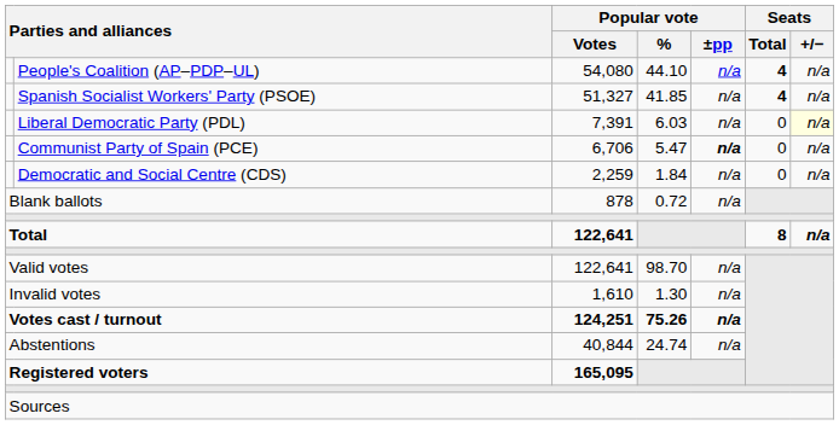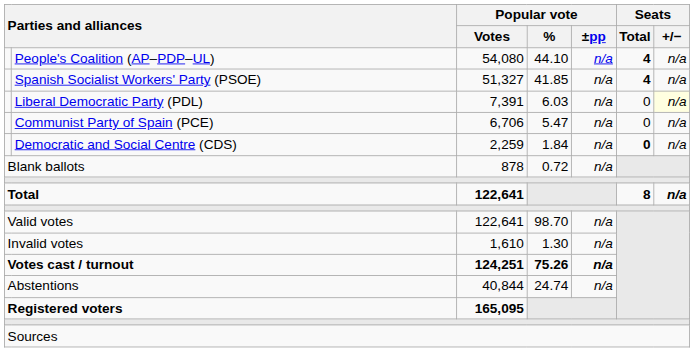 <table class="wikitable" style="text-align:right;">
 <tr>
 <th style="text-align:left;" rowspan="2" colspan="2" width="525">Parties and alliances</th>
 <th colspan="3">Popular vote</th>
 <th colspan="2">Seats</th>
 </tr>
 <tr>
 <th width="75">Votes</th>
 <th width="45">%</th>
 <th width="45">±<a href='#'>pp</a></th>
 <th width="35">Total</th>
 <th width="35">+/−</th>
 </tr>
 <tr>
 <td width="1" style="color:inherit;background:"></td>
 <td align="left"><a href='#'>People's Coalition</a> (<a href='#'>AP</a>–<a href='#'>PDP</a>–<a href='#'>UL</a>)</td>
 <td>54,080</td>
 <td>44.10</td>
 <td><em><a href='#'>n/a</a></em></td>
 <td><strong>4</strong></td>
 <td><em>n/a</em></td>
 </tr>
 <tr>
 <td style="color:inherit;background:"></td>
 <td align="left"><a href='#'>Spanish Socialist Workers' Party</a> (PSOE)</td>
 <td>51,327</td>
 <td>41.85</td>
 <td><em>n/a</em></td>
 <td><strong>4</strong></td>
 <td><em>n/a</em></td>
 </tr>
 <tr>
 <td style="color:inherit;background:"></td>
 <td align="left"><a href='#'>Liberal Democratic Party</a> (PDL)</td>
 <td>7,391</td>
 <td>6.03</td>
 <td><em>n/a</em></td>
 <td>0</td>
 <td style="background: lightyellow;"><em>n/a</em></td>
 </tr>
 <tr>
 <td style="color:inherit;background:"></td>
 <td align="left"><a href='#'>Communist Party of Spain</a> (PCE)</td>
 <td>6,706</td>
 <td>5.47</td>
-<td><strong><em>n/a</em></strong></td>
+<td><em>n/a</em></td>
 <td>0</td>
 <td><em>n/a</em></td>
 </tr>
 <tr>
 <td style="color:inherit;background:"></td>
 <td align="left"><a href='#'>Democratic and Social Centre</a> (CDS)</td>
 <td>2,259</td>
 <td>1.84</td>
 <td><em>n/a</em></td>
-<td>0</td>
+<td><strong>0</strong></td>
 <td><em>n/a</em></td>
 </tr>
 <tr>
 <td align="left" colspan="2">Blank ballots</td>
 <td>878</td>
 <td>0.72</td>
 <td><em>n/a</em></td>
 <td bgcolor="#E9E9E9" colspan="2"></td>
 </tr>
 <tr>
 <td colspan="7" bgcolor="#E9E9E9"></td>
 </tr>
 <tr style="font-weight:bold;">
 <td align="left" colspan="2">Total</td>
 <td>122,641</td>
 <td bgcolor="#E9E9E9" colspan="2"></td>
 <td>8</td>
 <td><em>n/a</em></td>
 </tr>
 <tr>
 <td colspan="7" bgcolor="#E9E9E9"></td>
 </tr>
 <tr>
 <td align="left" colspan="2">Valid votes</td>
 <td>122,641</td>
 <td>98.70</td>
 <td><em>n/a</em></td>
 <td bgcolor="#E9E9E9" colspan="2" rowspan="5"></td>
 </tr>
 <tr>
 <td align="left" colspan="2">Invalid votes</td>
 <td>1,610</td>
 <td>1.30</td>
 <td><em>n/a</em></td>
 </tr>
 <tr style="font-weight:bold;">
 <td align="left" colspan="2">Votes cast / turnout</td>
 <td>124,251</td>
 <td>75.26</td>
 <td><em>n/a</em></td>
 </tr>
 <tr>
 <td align="left" colspan="2">Abstentions</td>
 <td>40,844</td>
 <td>24.74</td>
 <td><em>n/a</em></td>
 </tr>
 <tr style="font-weight:bold;">
 <td align="left" colspan="2">Registered voters</td>
 <td>165,095</td>
 <td bgcolor="#E9E9E9" colspan="2"></td>
 </tr>
 <tr>
 <td colspan="7" bgcolor="#E9E9E9"></td>
 </tr>
 <tr>
 <td align="left" colspan="7">Sources</td>
 </tr>
 </table>
